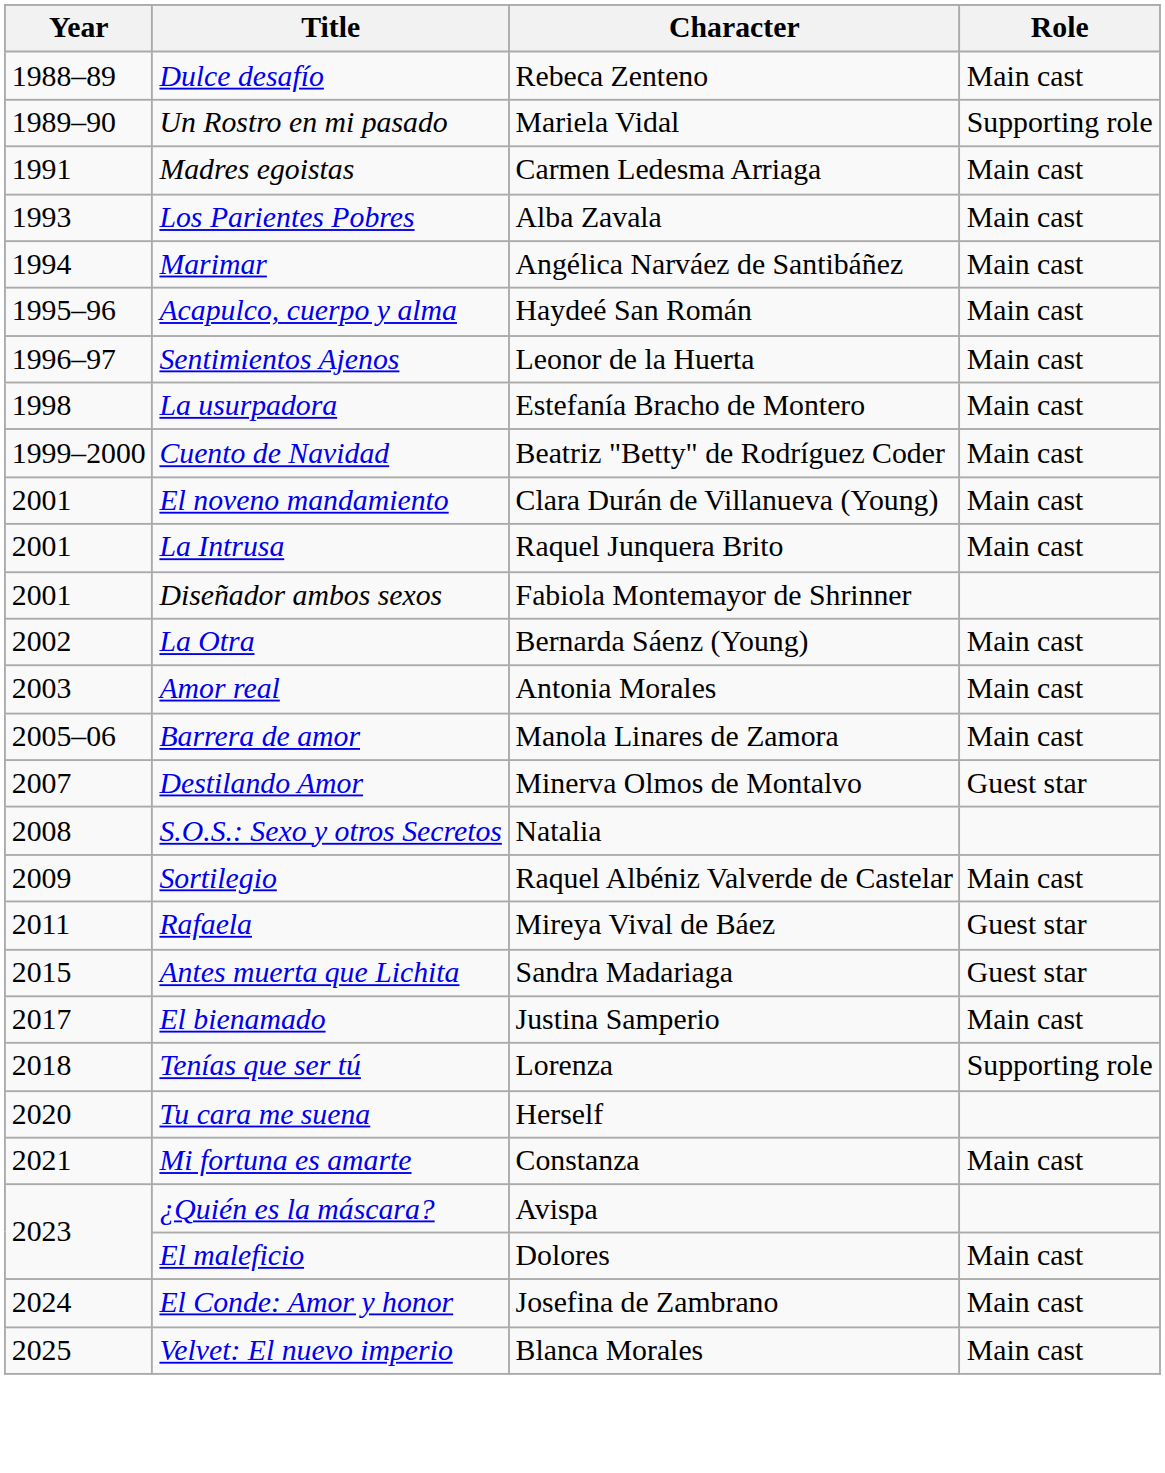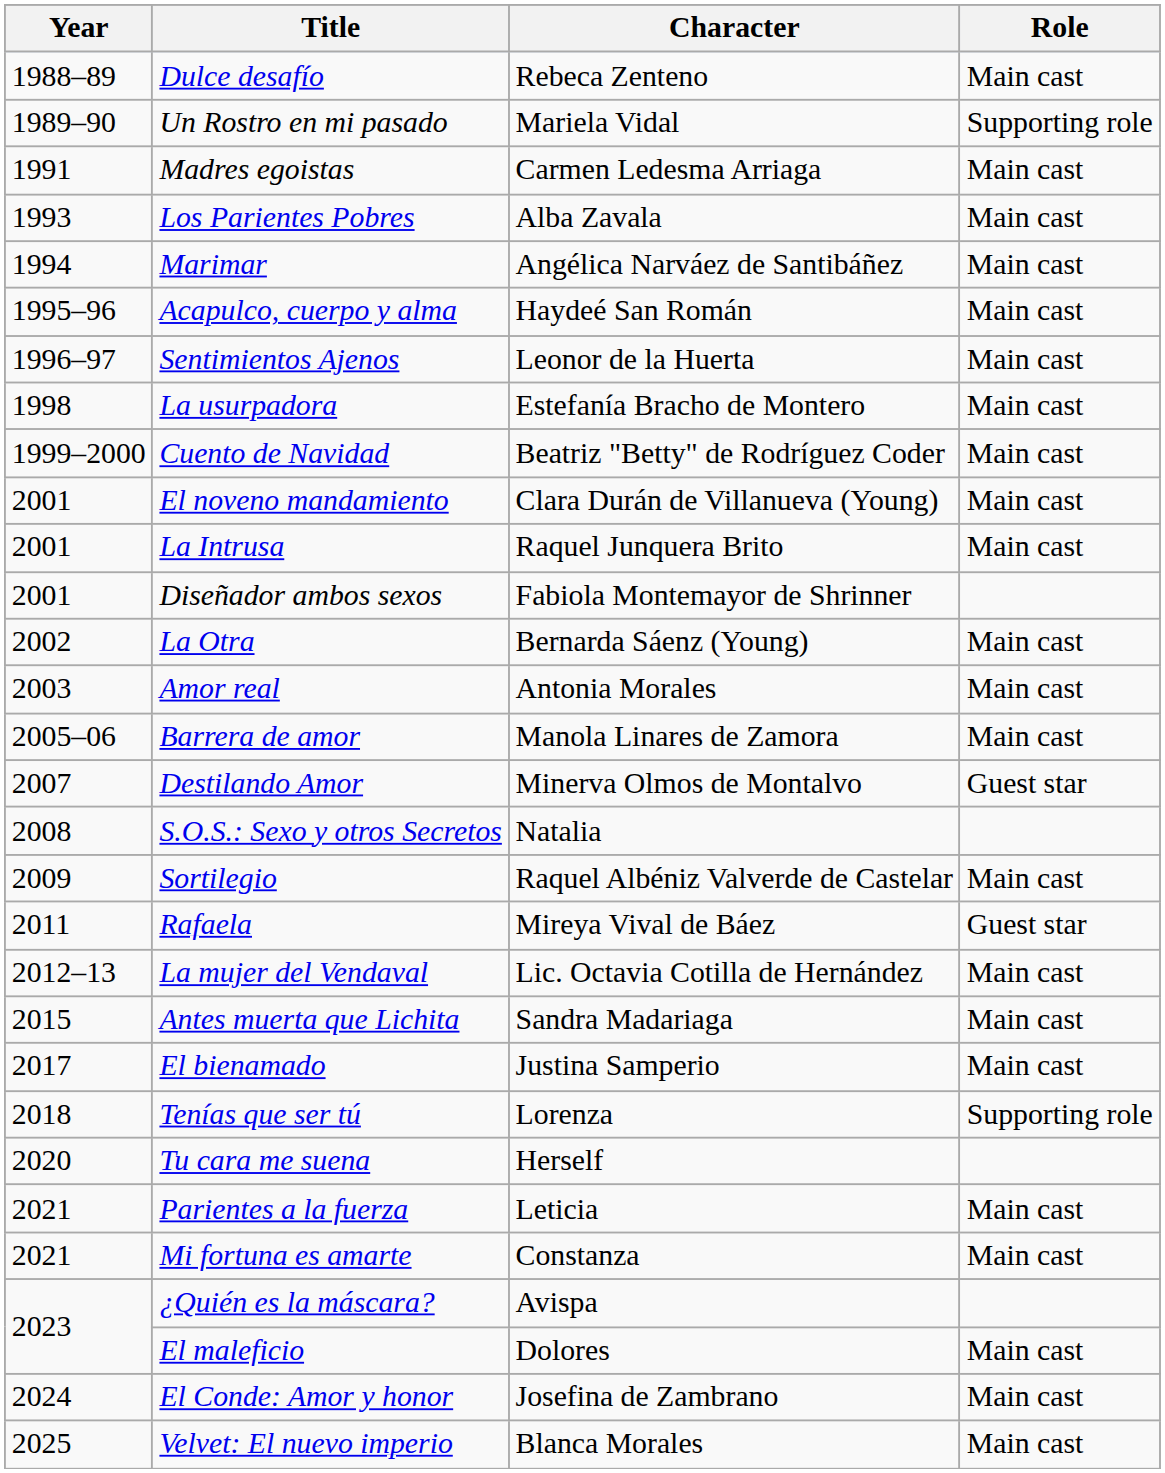 <table class="wikitable">
 <tr style="background:#b0c4de;">
 <th>Year</th>
 <th>Title</th>
 <th>Character</th>
 <th>Role</th>
 </tr>
 <tr>
 <td>1988–89</td>
 <td><em><a href='#'>Dulce desafío</a></em></td>
 <td>Rebeca Zenteno</td>
 <td>Main cast</td>
 </tr>
 <tr>
 <td>1989–90</td>
 <td><em>Un Rostro en mi pasado</em></td>
 <td>Mariela Vidal</td>
 <td>Supporting role</td>
 </tr>
 <tr>
 <td>1991</td>
 <td><em>Madres egoistas</em></td>
 <td>Carmen Ledesma Arriaga</td>
 <td>Main cast</td>
 </tr>
 <tr>
 <td>1993</td>
 <td><em><a href='#'>Los Parientes Pobres</a></em></td>
 <td>Alba Zavala</td>
 <td>Main cast</td>
 </tr>
 <tr>
 <td>1994</td>
 <td><em><a href='#'>Marimar</a></em></td>
 <td>Angélica Narváez de Santibáñez</td>
 <td>Main cast</td>
 </tr>
 <tr>
 <td>1995–96</td>
 <td><em><a href='#'>Acapulco, cuerpo y alma</a></em></td>
 <td>Haydeé San Román</td>
 <td>Main cast</td>
 </tr>
 <tr>
 <td>1996–97</td>
 <td><em><a href='#'>Sentimientos Ajenos</a></em></td>
 <td>Leonor de la Huerta</td>
 <td>Main cast</td>
 </tr>
 <tr>
 <td>1998</td>
 <td><em><a href='#'>La usurpadora</a></em></td>
 <td>Estefanía Bracho de Montero</td>
 <td>Main cast</td>
 </tr>
 <tr>
 <td>1999–2000</td>
 <td><em><a href='#'>Cuento de Navidad</a></em></td>
 <td>Beatriz "Betty" de Rodríguez Coder</td>
 <td>Main cast</td>
 </tr>
 <tr>
 <td>2001</td>
 <td><em><a href='#'>El noveno mandamiento</a></em></td>
 <td>Clara Durán de Villanueva (Young)</td>
 <td>Main cast</td>
 </tr>
 <tr>
 <td>2001</td>
 <td><em><a href='#'>La Intrusa</a></em></td>
 <td>Raquel Junquera Brito</td>
 <td>Main cast</td>
 </tr>
 <tr>
 <td>2001</td>
 <td><em>Diseñador ambos sexos</em></td>
 <td>Fabiola Montemayor de Shrinner</td>
 <td></td>
 </tr>
 <tr>
 <td>2002</td>
 <td><em><a href='#'>La Otra</a></em></td>
 <td>Bernarda Sáenz (Young)</td>
 <td>Main cast</td>
 </tr>
 <tr>
 <td>2003</td>
 <td><em><a href='#'>Amor real</a></em></td>
 <td>Antonia Morales</td>
 <td>Main cast</td>
 </tr>
 <tr>
 <td>2005–06</td>
 <td><em><a href='#'>Barrera de amor</a></em></td>
 <td>Manola Linares de Zamora</td>
 <td>Main cast</td>
 </tr>
 <tr>
 <td>2007</td>
 <td><em><a href='#'>Destilando Amor</a></em></td>
 <td>Minerva Olmos de Montalvo</td>
 <td>Guest star</td>
 </tr>
 <tr>
 <td>2008</td>
 <td><em><a href='#'>S.O.S.: Sexo y otros Secretos</a></em></td>
 <td>Natalia</td>
 <td></td>
 </tr>
 <tr>
 <td>2009</td>
 <td><em><a href='#'>Sortilegio</a></em></td>
 <td>Raquel Albéniz Valverde de Castelar</td>
 <td>Main cast</td>
 </tr>
 <tr>
 <td>2011</td>
 <td><em><a href='#'>Rafaela</a></em></td>
 <td>Mireya Vival de Báez</td>
 <td>Guest star</td>
 </tr>
 <tr>
+<td>2012–13</td>
+<td><em><a href='#'>La mujer del Vendaval</a></em></td>
+<td>Lic. Octavia Cotilla de Hernández</td>
+<td>Main cast</td>
+</tr>
+<tr>
 <td>2015</td>
 <td><em><a href='#'>Antes muerta que Lichita</a></em></td>
 <td>Sandra Madariaga</td>
-<td>Guest star</td>
+<td>Main cast</td>
 </tr>
 <tr>
 <td>2017</td>
 <td><em><a href='#'>El bienamado</a></em></td>
 <td>Justina Samperio</td>
 <td>Main cast</td>
 </tr>
 <tr>
 <td>2018</td>
 <td><em><a href='#'>Tenías que ser tú</a></em></td>
 <td>Lorenza</td>
 <td>Supporting role</td>
 </tr>
 <tr>
 <td>2020</td>
 <td><em><a href='#'>Tu cara me suena</a></em></td>
 <td>Herself</td>
 <td></td>
+</tr>
+<tr>
+<td>2021</td>
+<td><em><a href='#'>Parientes a la fuerza</a></em></td>
+<td>Leticia</td>
+<td>Main cast</td>
 </tr>
 <tr>
 <td>2021</td>
 <td><em><a href='#'>Mi fortuna es amarte</a></em></td>
 <td>Constanza</td>
 <td>Main cast</td>
 </tr>
 <tr>
 <td rowspan=2>2023</td>
 <td><em><a href='#'>¿Quién es la máscara?</a></em></td>
 <td>Avispa</td>
 <td></td>
 </tr>
 <tr>
 <td><em><a href='#'>El maleficio</a></em></td>
 <td>Dolores</td>
 <td>Main cast</td>
 </tr>
 <tr>
 <td>2024</td>
 <td><em><a href='#'>El Conde: Amor y honor</a></em></td>
 <td>Josefina de Zambrano</td>
 <td>Main cast</td>
 </tr>
 <tr>
 <td>2025</td>
 <td><em><a href='#'>Velvet: El nuevo imperio</a></em></td>
 <td>Blanca Morales</td>
 <td>Main cast</td>
 </tr>
 </table>
